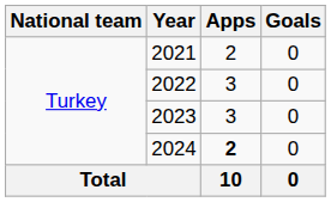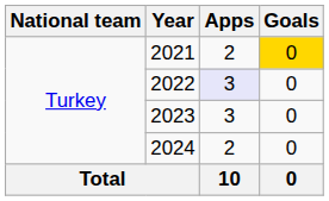 <table class="wikitable" style="text-align: center;">
 <tr>
 <th>National team</th>
 <th>Year</th>
 <th>Apps</th>
 <th>Goals</th>
 </tr>
 <tr>
 <td rowspan="4"><a href='#'>Turkey</a></td>
 <td>2021</td>
 <td>2</td>
-<td>0</td>
+<td style="background: gold;">0</td>
 </tr>
 <tr>
 <td>2022</td>
-<td>3</td>
+<td style="background: lavender;">3</td>
 <td>0</td>
 </tr>
 <tr>
 <td>2023</td>
 <td>3</td>
 <td>0</td>
 </tr>
 <tr>
 <td>2024</td>
-<td><strong>2</strong></td>
+<td>2</td>
 <td>0</td>
 </tr>
 <tr>
 <th colspan="2">Total</th>
 <th>10</th>
 <th>0</th>
 </tr>
 </table>
